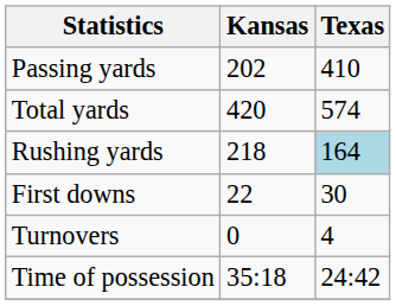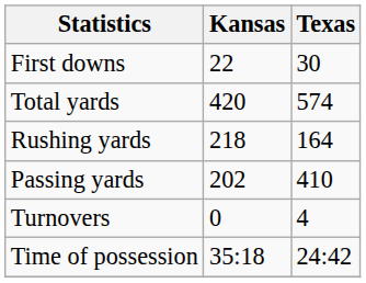 <table class="wikitable" style="float: left;">
 <tr>
 <th>Statistics</th>
 <th>Kansas</th>
 <th>Texas</th>
 </tr>
 <tr>
-<td>Passing yards</td>
-<td>202</td>
-<td>410</td>
+<td>First downs</td>
+<td>22</td>
+<td>30</td>
 </tr>
 <tr>
 <td>Total yards</td>
 <td>420</td>
 <td>574</td>
 </tr>
 <tr>
 <td>Rushing yards</td>
 <td>218</td>
-<td style="background: lightblue;">164</td>
+<td>164</td>
 </tr>
 <tr>
-<td>First downs</td>
-<td>22</td>
-<td>30</td>
+<td>Passing yards</td>
+<td>202</td>
+<td>410</td>
 </tr>
 <tr>
 <td>Turnovers</td>
 <td>0</td>
 <td>4</td>
 </tr>
 <tr>
 <td>Time of possession</td>
 <td>35:18</td>
 <td>24:42</td>
 </tr>
 <tr>
 </tr>
 </table>
